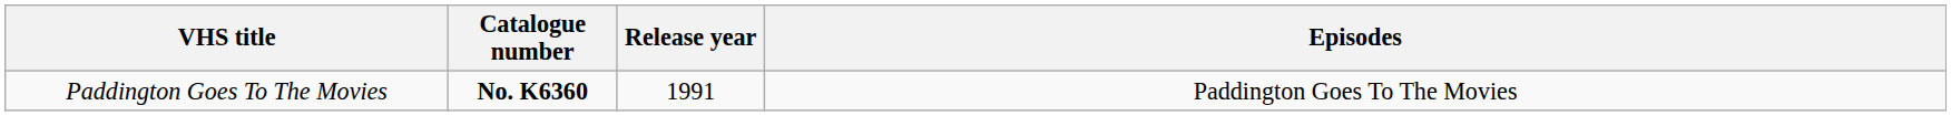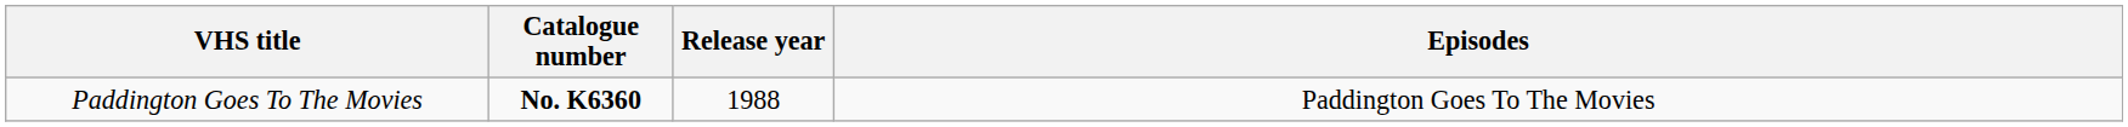 <table class="wikitable" style="text-align:center; width:100%;">
 <tr>
 <th style="width:15%;">VHS title</th>
 <th style="width:05%;">Catalogue number</th>
 <th style="width:05%;">Release year</th>
 <th style="width:40%;">Episodes</th>
 </tr>
 <tr>
 <td><em>Paddington Goes To The Movies</em></td>
 <td><strong>No. K6360</strong></td>
-<td>1991</td>
+<td>1988</td>
 <td>Paddington Goes To The Movies</td>
 </tr>
 </table>
